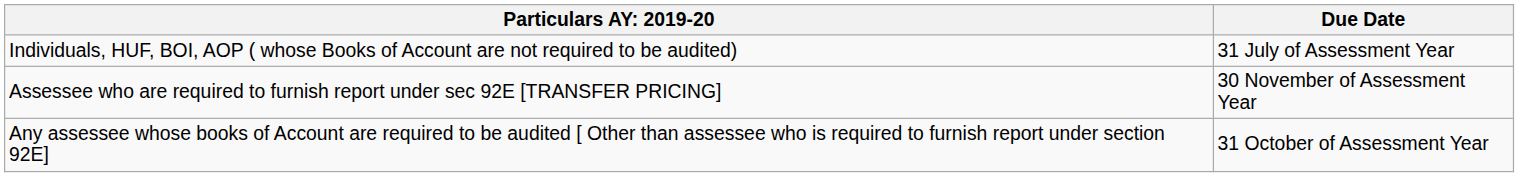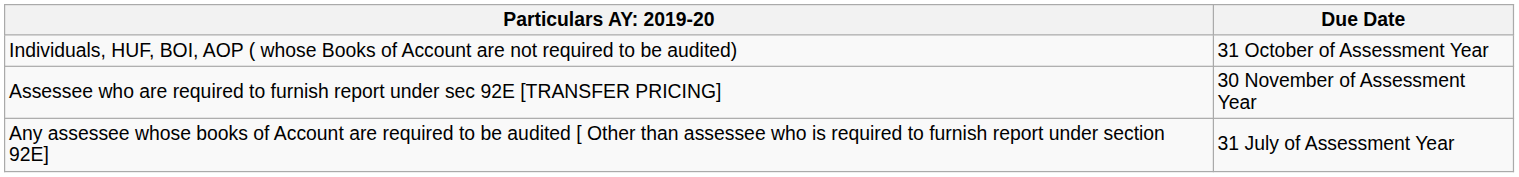 <table class="wikitable">
 <tr>
 <th>Particulars AY: 2019-20</th>
 <th>Due Date</th>
 </tr>
 <tr>
 <td>Individuals, HUF, BOI, AOP ( whose Books of Account are not required to be audited)</td>
-<td>31 July of Assessment Year</td>
+<td>31 October of Assessment Year</td>
 </tr>
 <tr>
 <td>Assessee who are required to furnish report under sec 92E [TRANSFER PRICING]</td>
 <td>30 November of Assessment Year</td>
 </tr>
 <tr>
 <td>Any assessee whose books of Account are required to be audited [ Other than assessee who is required to furnish report under section 92E]</td>
-<td>31 October of Assessment Year</td>
+<td>31 July of Assessment Year</td>
 </tr>
 </table>
